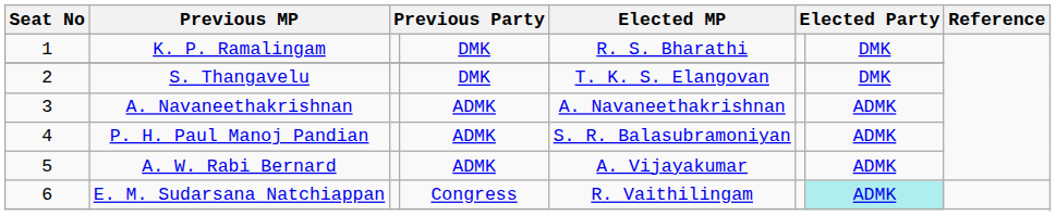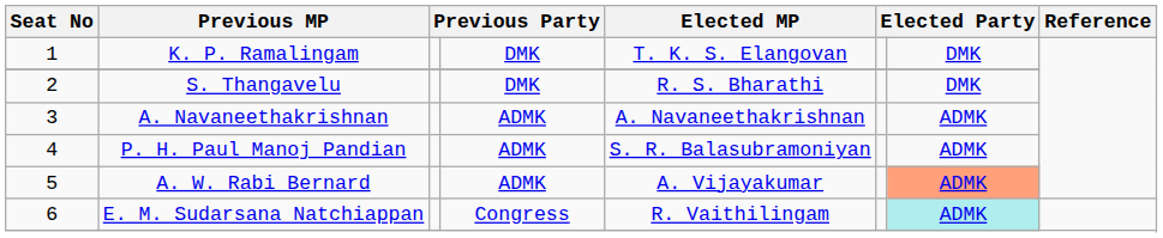 <table class="wikitable">
 <tr>
 <th>Seat No</th>
 <th>Previous MP</th>
 <th colspan=2>Previous Party</th>
 <th>Elected MP</th>
 <th colspan=2>Elected Party</th>
 <th>Reference</th>
 </tr>
 <tr style="text-align:center;">
 <td>1</td>
 <td><a href='#'>K. P. Ramalingam</a></td>
 <td width="1px"></td>
 <td><a href='#'>DMK</a></td>
-<td><a href='#'>R. S. Bharathi</a></td>
+<td><a href='#'>T. K. S. Elangovan</a></td>
 <td width="1px"></td>
 <td><a href='#'>DMK</a></td>
 <td rowspan=6></td>
 </tr>
 <tr>
 </tr>
 <tr style="text-align:center;">
 <td>2</td>
 <td><a href='#'>S. Thangavelu</a></td>
 <td width="1px"></td>
 <td><a href='#'>DMK</a></td>
-<td><a href='#'>T. K. S. Elangovan</a></td>
+<td><a href='#'>R. S. Bharathi</a></td>
 <td width="1px"></td>
 <td><a href='#'>DMK</a></td>
 </tr>
 <tr style="text-align:center;">
 <td>3</td>
 <td><a href='#'>A. Navaneethakrishnan</a></td>
 <td width="1px"></td>
 <td><a href='#'>ADMK</a></td>
 <td><a href='#'>A. Navaneethakrishnan</a></td>
 <td width="1px"></td>
 <td><a href='#'>ADMK</a></td>
 </tr>
 <tr style="text-align:center;">
 <td>4</td>
 <td><a href='#'>P. H. Paul Manoj Pandian</a></td>
 <td width="1px"></td>
 <td><a href='#'>ADMK</a></td>
 <td><a href='#'>S. R. Balasubramoniyan</a></td>
 <td width="1px"></td>
 <td><a href='#'>ADMK</a></td>
 </tr>
 <tr style="text-align:center;">
 <td>5</td>
 <td><a href='#'>A. W. Rabi Bernard</a></td>
 <td width="1px"></td>
 <td><a href='#'>ADMK</a></td>
 <td><a href='#'>A. Vijayakumar</a></td>
 <td width="1px"></td>
-<td><a href='#'>ADMK</a></td>
+<td style="background: lightsalmon;"><a href='#'>ADMK</a></td>
 </tr>
 <tr style="text-align:center;">
 <td>6</td>
 <td><a href='#'>E. M. Sudarsana Natchiappan</a></td>
 <td width="1px"></td>
 <td><a href='#'>Congress</a></td>
 <td><a href='#'>R. Vaithilingam</a></td>
 <td width="1px"></td>
 <td style="background: paleturquoise;"><a href='#'>ADMK</a></td>
 </tr>
 <tr>
 </tr>
 </table>
